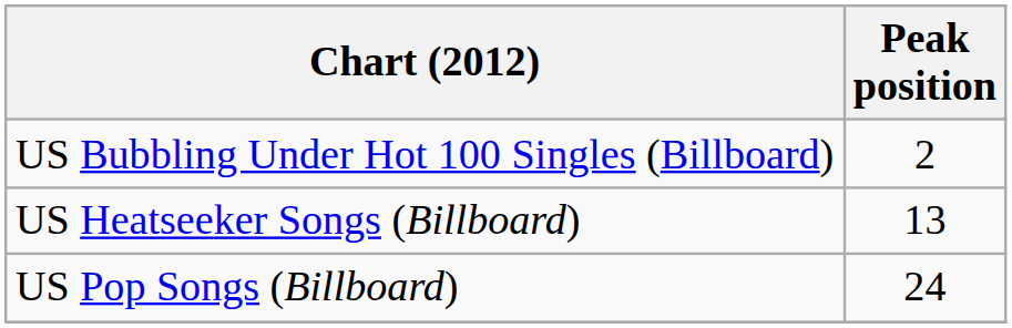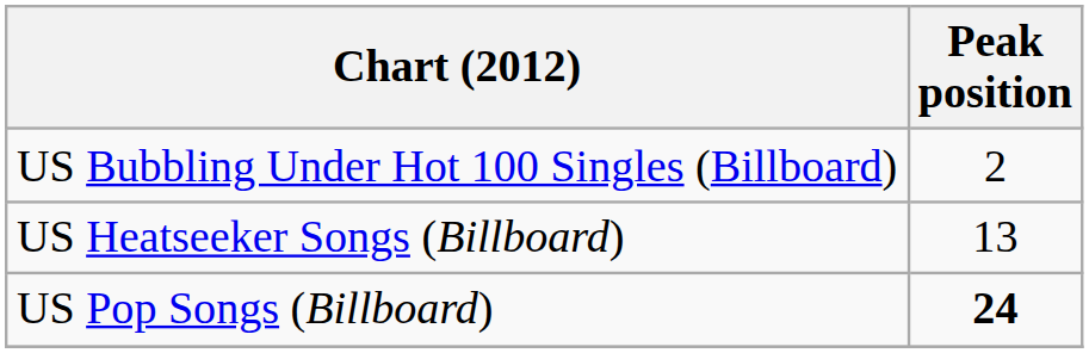 <table class="wikitable sortable">
 <tr>
 <th>Chart (2012)</th>
 <th>Peak<br>position</th>
 </tr>
 <tr>
 <td>US <a href='#'>Bubbling Under Hot 100 Singles</a> (<a href='#'>Billboard</a>)</td>
 <td align="center">2</td>
 </tr>
 <tr>
 <td>US <a href='#'>Heatseeker Songs</a> (<em>Billboard</em>)</td>
 <td align="center">13</td>
 </tr>
 <tr>
 <td>US <a href='#'>Pop Songs</a> (<em>Billboard</em>)</td>
-<td align="center">24</td>
+<td align="center"><strong>24</strong></td>
 </tr>
 <tr>
 </tr>
 </table>
